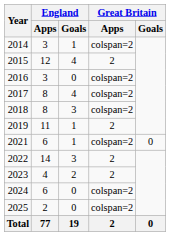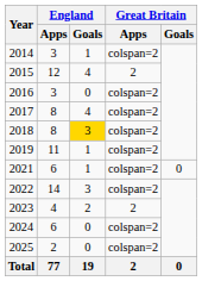 <table class="wikitable" style="text-align:center">
 <tr>
 <th rowspan=2>Year</th>
 <th colspan=2><a href='#'>England</a></th>
 <th colspan="2"><a href='#'>Great Britain</a></th>
 </tr>
 <tr>
 <th>Apps</th>
 <th>Goals</th>
 <th>Apps</th>
 <th>Goals</th>
 </tr>
 <tr>
 <td>2014</td>
 <td>3</td>
 <td>1</td>
 <td>colspan=2</td>
 </tr>
 <tr>
 <td>2015</td>
 <td>12</td>
 <td>4</td>
 <td>2</td>
 </tr>
 <tr>
 <td>2016</td>
 <td>3</td>
 <td>0</td>
 <td>colspan=2</td>
 </tr>
 <tr>
 <td>2017</td>
 <td>8</td>
 <td>4</td>
 <td>colspan=2</td>
 </tr>
 <tr>
 <td>2018</td>
 <td>8</td>
-<td>3</td>
+<td style="background: gold;">3</td>
 <td>colspan=2</td>
 </tr>
 <tr>
 <td>2019</td>
 <td>11</td>
 <td>1</td>
-<td>2</td>
+<td>colspan=2</td>
 </tr>
 <tr>
 <td>2021</td>
 <td>6</td>
 <td>1</td>
 <td>colspan=2</td>
 <td>0</td>
 </tr>
 <tr>
 <td>2022</td>
 <td>14</td>
 <td>3</td>
-<td>2</td>
+<td>colspan=2</td>
 </tr>
 <tr>
 <td>2023</td>
 <td>4</td>
 <td>2</td>
 <td>2</td>
 </tr>
 <tr>
 <td>2024</td>
 <td>6</td>
 <td>0</td>
 <td>colspan=2</td>
 </tr>
 <tr>
 <td>2025</td>
 <td>2</td>
 <td>0</td>
 <td>colspan=2</td>
 </tr>
 <tr>
 <th>Total</th>
 <th>77</th>
 <th>19</th>
 <th>2</th>
 <th>0</th>
 </tr>
 </table>
